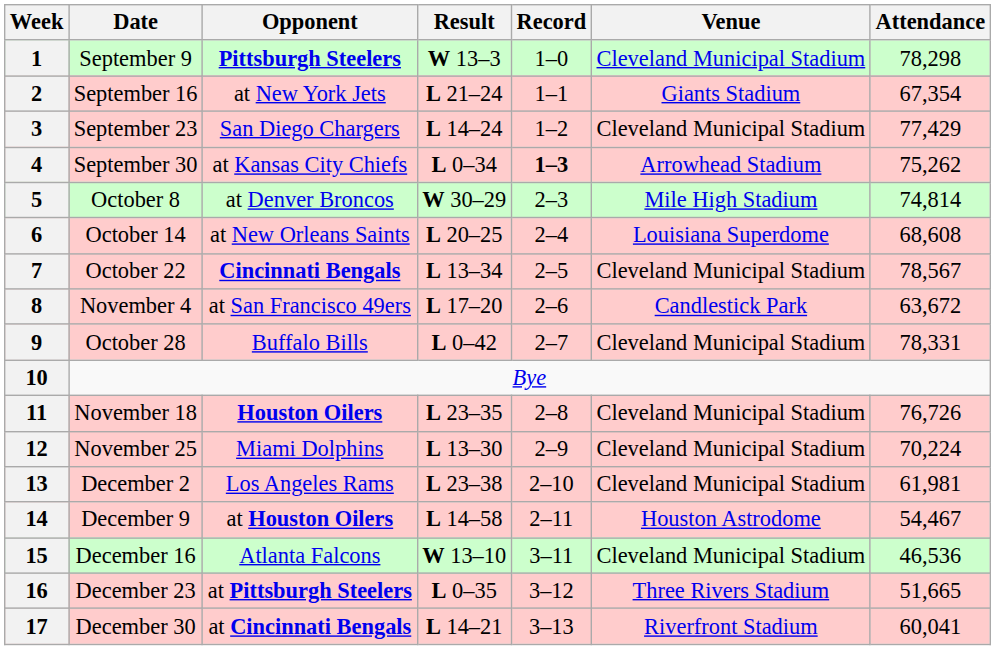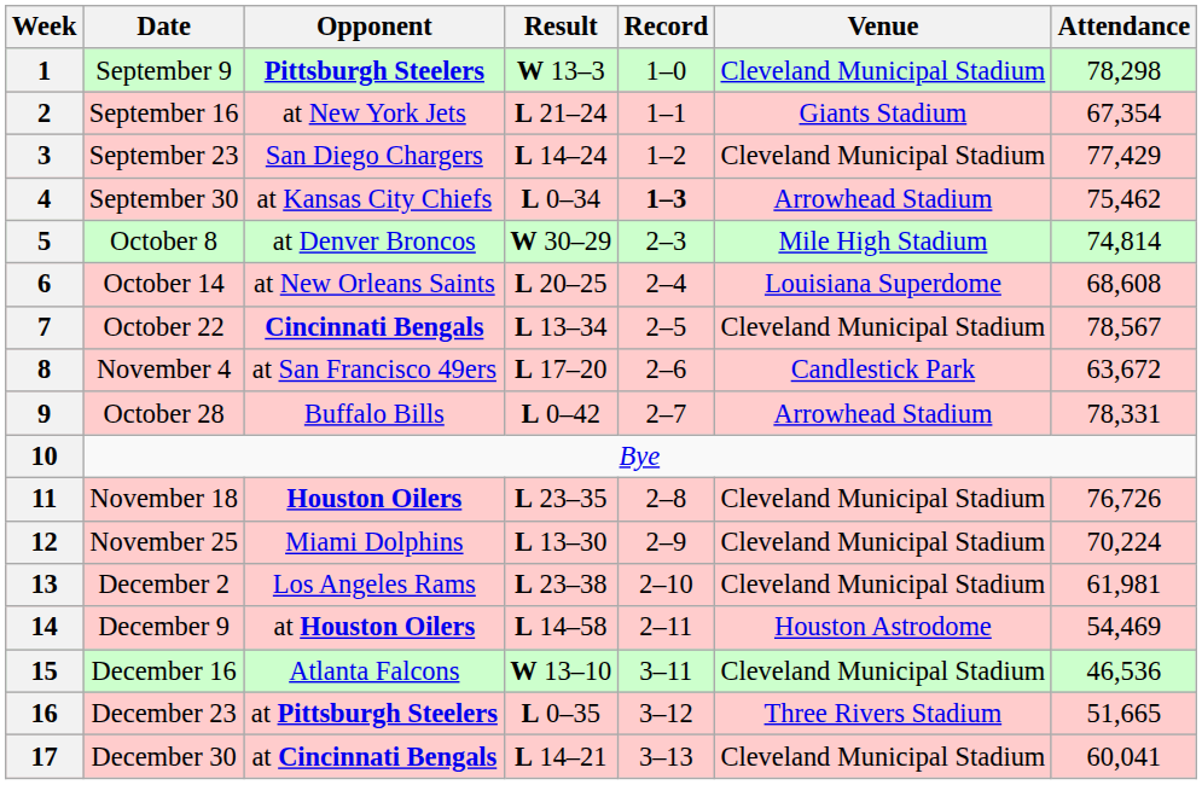 <table class="wikitable" style="text-align:center">
 <tr>
 <th>Week</th>
 <th>Date</th>
 <th>Opponent</th>
 <th>Result</th>
 <th>Record</th>
 <th>Venue</th>
 <th>Attendance</th>
 </tr>
 <tr style="background:#cfc">
 <th>1</th>
 <td>September 9</td>
 <td><strong><a href='#'>Pittsburgh Steelers</a></strong></td>
 <td><strong>W</strong> 13–3</td>
 <td>1–0</td>
 <td><a href='#'>Cleveland Municipal Stadium</a></td>
 <td>78,298</td>
 </tr>
 <tr style="background:#fcc">
 <th>2</th>
 <td>September 16</td>
 <td>at <a href='#'>New York Jets</a></td>
 <td><strong>L</strong> 21–24</td>
 <td>1–1</td>
 <td><a href='#'>Giants Stadium</a></td>
 <td>67,354</td>
 </tr>
 <tr style="background:#fcc">
 <th>3</th>
 <td>September 23</td>
 <td><a href='#'>San Diego Chargers</a></td>
 <td><strong>L</strong> 14–24</td>
 <td>1–2</td>
 <td>Cleveland Municipal Stadium</td>
 <td>77,429</td>
 </tr>
 <tr style="background:#fcc">
 <th>4</th>
 <td>September 30</td>
 <td>at <a href='#'>Kansas City Chiefs</a></td>
 <td><strong>L</strong> 0–34</td>
 <td><strong>1–3</strong></td>
 <td><a href='#'>Arrowhead Stadium</a></td>
-<td>75,262</td>
+<td>75,462</td>
 </tr>
 <tr style="background:#cfc">
 <th>5</th>
 <td>October 8</td>
 <td>at <a href='#'>Denver Broncos</a></td>
 <td><strong>W</strong> 30–29</td>
 <td>2–3</td>
 <td><a href='#'>Mile High Stadium</a></td>
 <td>74,814</td>
 </tr>
 <tr style="background:#fcc">
 <th>6</th>
 <td>October 14</td>
 <td>at <a href='#'>New Orleans Saints</a></td>
 <td><strong>L</strong> 20–25</td>
 <td>2–4</td>
 <td><a href='#'>Louisiana Superdome</a></td>
 <td>68,608</td>
 </tr>
 <tr style="background:#fcc">
 <th>7</th>
 <td>October 22</td>
 <td><strong><a href='#'>Cincinnati Bengals</a></strong></td>
 <td><strong>L</strong> 13–34</td>
 <td>2–5</td>
 <td>Cleveland Municipal Stadium</td>
 <td>78,567</td>
 </tr>
 <tr style="background:#fcc">
 <th>8</th>
 <td>November 4</td>
 <td>at <a href='#'>San Francisco 49ers</a></td>
 <td><strong>L</strong> 17–20</td>
 <td>2–6</td>
 <td><a href='#'>Candlestick Park</a></td>
 <td>63,672</td>
 </tr>
 <tr style="background:#fcc">
 <th>9</th>
 <td>October 28</td>
 <td><a href='#'>Buffalo Bills</a></td>
 <td><strong>L</strong> 0–42</td>
 <td>2–7</td>
-<td>Cleveland Municipal Stadium</td>
+<td><a href='#'>Arrowhead Stadium</a></td>
 <td>78,331</td>
 </tr>
 <tr>
 <th>10</th>
 <td colspan="7"><em><a href='#'>Bye</a></em></td>
 </tr>
 <tr style="background:#fcc">
 <th>11</th>
 <td>November 18</td>
 <td><strong><a href='#'>Houston Oilers</a></strong></td>
 <td><strong>L</strong> 23–35</td>
 <td>2–8</td>
 <td>Cleveland Municipal Stadium</td>
 <td>76,726</td>
 </tr>
 <tr style="background:#fcc">
 <th>12</th>
 <td>November 25</td>
 <td><a href='#'>Miami Dolphins</a></td>
 <td><strong>L</strong> 13–30</td>
 <td>2–9</td>
 <td>Cleveland Municipal Stadium</td>
 <td>70,224</td>
 </tr>
 <tr style="background:#fcc">
 <th>13</th>
 <td>December 2</td>
 <td><a href='#'>Los Angeles Rams</a></td>
 <td><strong>L</strong> 23–38</td>
 <td>2–10</td>
 <td>Cleveland Municipal Stadium</td>
 <td>61,981</td>
 </tr>
 <tr style="background:#fcc">
 <th>14</th>
 <td>December 9</td>
 <td>at <strong><a href='#'>Houston Oilers</a></strong></td>
 <td><strong>L</strong> 14–58</td>
 <td>2–11</td>
 <td><a href='#'>Houston Astrodome</a></td>
-<td>54,467</td>
+<td>54,469</td>
 </tr>
 <tr style="background:#cfc">
 <th>15</th>
 <td>December 16</td>
 <td><a href='#'>Atlanta Falcons</a></td>
 <td><strong>W</strong> 13–10</td>
 <td>3–11</td>
 <td>Cleveland Municipal Stadium</td>
 <td>46,536</td>
 </tr>
 <tr style="background:#fcc">
 <th>16</th>
 <td>December 23</td>
 <td>at <strong><a href='#'>Pittsburgh Steelers</a></strong></td>
 <td><strong>L</strong> 0–35</td>
 <td>3–12</td>
 <td><a href='#'>Three Rivers Stadium</a></td>
 <td>51,665</td>
 </tr>
 <tr style="background:#fcc">
 <th>17</th>
 <td>December 30</td>
 <td>at <strong><a href='#'>Cincinnati Bengals</a></strong></td>
 <td><strong>L</strong> 14–21</td>
 <td>3–13</td>
-<td><a href='#'>Riverfront Stadium</a></td>
+<td>Cleveland Municipal Stadium</td>
 <td>60,041</td>
 </tr>
 </table>
